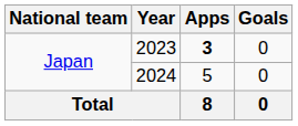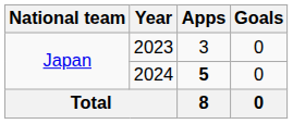 <table class=wikitable style=text-align:center>
 <tr>
 <th>National team</th>
 <th>Year</th>
 <th>Apps</th>
 <th>Goals</th>
 </tr>
 <tr>
 <td rowspan="2"><a href='#'>Japan</a></td>
 <td>2023</td>
-<td><strong>3</strong></td>
+<td>3</td>
 <td>0</td>
 </tr>
 <tr>
 <td>2024</td>
-<td>5</td>
+<td><strong>5</strong></td>
 <td>0</td>
 </tr>
 <tr>
 <th colspan="2">Total</th>
 <th>8</th>
 <th>0</th>
 </tr>
 </table>
